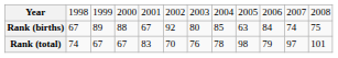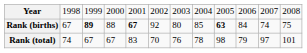 <table class="wikitable" style="font-size: 87%;">
 <tr>
 <th>Year</th>
 <td>1998</td>
 <td>1999</td>
 <td>2000</td>
 <td>2001</td>
 <td>2002</td>
 <td>2003</td>
 <td>2004</td>
 <td>2005</td>
 <td>2006</td>
 <td>2007</td>
 <td>2008</td>
 </tr>
 <tr>
 <th>Rank (births)</th>
 <td>67</td>
-<td>89</td>
+<td><strong>89</strong></td>
 <td>88</td>
-<td>67</td>
+<td><strong>67</strong></td>
 <td>92</td>
 <td>80</td>
 <td>85</td>
-<td>63</td>
+<td><strong>63</strong></td>
 <td>84</td>
 <td>74</td>
 <td>75</td>
 </tr>
 <tr>
 <th>Rank (total)</th>
 <td>74</td>
 <td>67</td>
 <td>67</td>
 <td>83</td>
 <td>70</td>
 <td>76</td>
 <td>78</td>
 <td>98</td>
 <td>79</td>
 <td>97</td>
 <td>101</td>
 </tr>
 </table>
